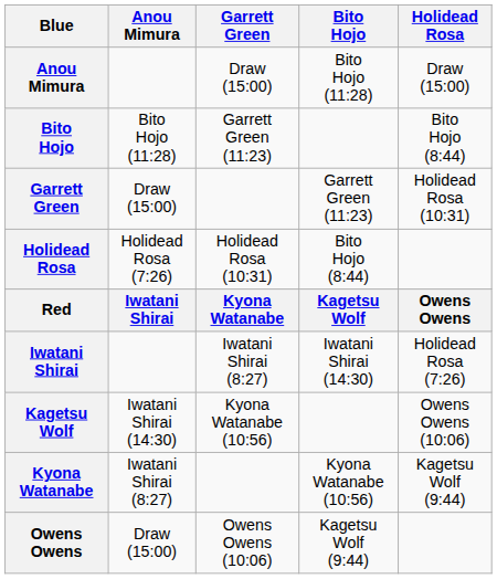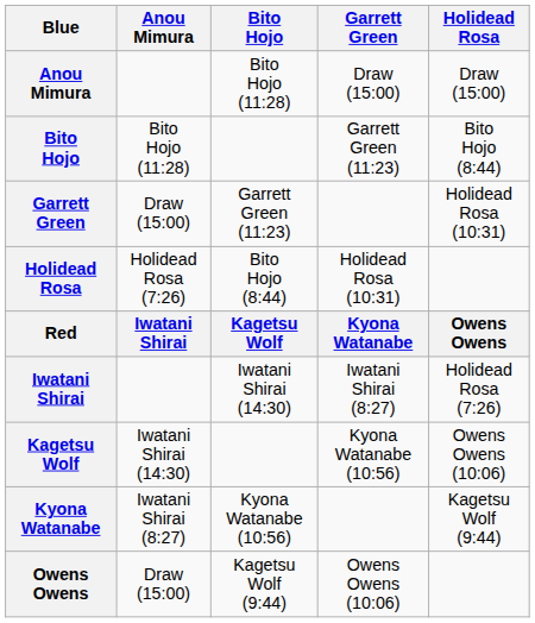 <table class="wikitable" style="text-align:center; margin: 1em auto 1em auto;" width="25%">
 <tr>
 <th>Blue</th>
 <th><a href='#'>Anou</a><br>Mimura</th>
+<th><a href='#'>Bito</a><br><a href='#'>Hojo</a></th>
 <th><a href='#'>Garrett</a><br><a href='#'>Green</a></th>
-<th><a href='#'>Bito</a><br><a href='#'>Hojo</a></th>
 <th><a href='#'>Holidead</a><br><a href='#'>Rosa</a></th>
 </tr>
 <tr>
 <th><a href='#'>Anou</a><br>Mimura</th>
 <td></td>
+<td>Bito<br>Hojo<br>(11:28)</td>
 <td>Draw<br>(15:00)</td>
-<td>Bito<br>Hojo<br>(11:28)</td>
 <td>Draw<br>(15:00)</td>
 </tr>
 <tr>
 <th><a href='#'>Bito</a><br><a href='#'>Hojo</a></th>
 <td>Bito<br>Hojo<br>(11:28)</td>
+<td></td>
 <td>Garrett<br>Green<br>(11:23)</td>
-<td></td>
 <td>Bito<br>Hojo<br>(8:44)</td>
 </tr>
 <tr>
 <th><a href='#'>Garrett</a><br><a href='#'>Green</a></th>
 <td>Draw<br>(15:00)</td>
+<td>Garrett<br>Green<br>(11:23)</td>
 <td></td>
-<td>Garrett<br>Green<br>(11:23)</td>
 <td>Holidead<br>Rosa<br>(10:31)</td>
 </tr>
 <tr>
 <th><a href='#'>Holidead</a><br><a href='#'>Rosa</a></th>
 <td>Holidead<br>Rosa<br>(7:26)</td>
+<td>Bito<br>Hojo<br>(8:44)</td>
 <td>Holidead<br>Rosa<br>(10:31)</td>
-<td>Bito<br>Hojo<br>(8:44)</td>
 <td></td>
 </tr>
 <tr>
 <th>Red</th>
 <th><a href='#'>Iwatani</a><br><a href='#'>Shirai</a></th>
+<th><a href='#'>Kagetsu</a><br><a href='#'>Wolf</a></th>
 <th><a href='#'>Kyona</a><br><a href='#'>Watanabe</a></th>
-<th><a href='#'>Kagetsu</a><br><a href='#'>Wolf</a></th>
 <th>Owens<br>Owens</th>
 </tr>
 <tr>
 <th><a href='#'>Iwatani</a><br><a href='#'>Shirai</a></th>
 <td></td>
+<td>Iwatani<br>Shirai<br>(14:30)</td>
 <td>Iwatani<br>Shirai<br>(8:27)</td>
-<td>Iwatani<br>Shirai<br>(14:30)</td>
 <td>Holidead<br>Rosa<br>(7:26)</td>
 </tr>
 <tr>
 <th><a href='#'>Kagetsu</a><br><a href='#'>Wolf</a></th>
 <td>Iwatani<br>Shirai<br>(14:30)</td>
+<td></td>
 <td>Kyona<br>Watanabe<br>(10:56)</td>
-<td></td>
 <td>Owens<br>Owens<br>(10:06)</td>
 </tr>
 <tr>
 <th><a href='#'>Kyona</a><br><a href='#'>Watanabe</a></th>
 <td>Iwatani<br>Shirai<br>(8:27)</td>
+<td>Kyona<br>Watanabe<br>(10:56)</td>
 <td></td>
-<td>Kyona<br>Watanabe<br>(10:56)</td>
 <td>Kagetsu<br>Wolf<br>(9:44)</td>
 </tr>
 <tr>
 <th>Owens<br>Owens</th>
 <td>Draw<br>(15:00)</td>
+<td>Kagetsu<br>Wolf<br>(9:44)</td>
 <td>Owens<br>Owens<br>(10:06)</td>
-<td>Kagetsu<br>Wolf<br>(9:44)</td>
 <td></td>
 </tr>
 </table>
